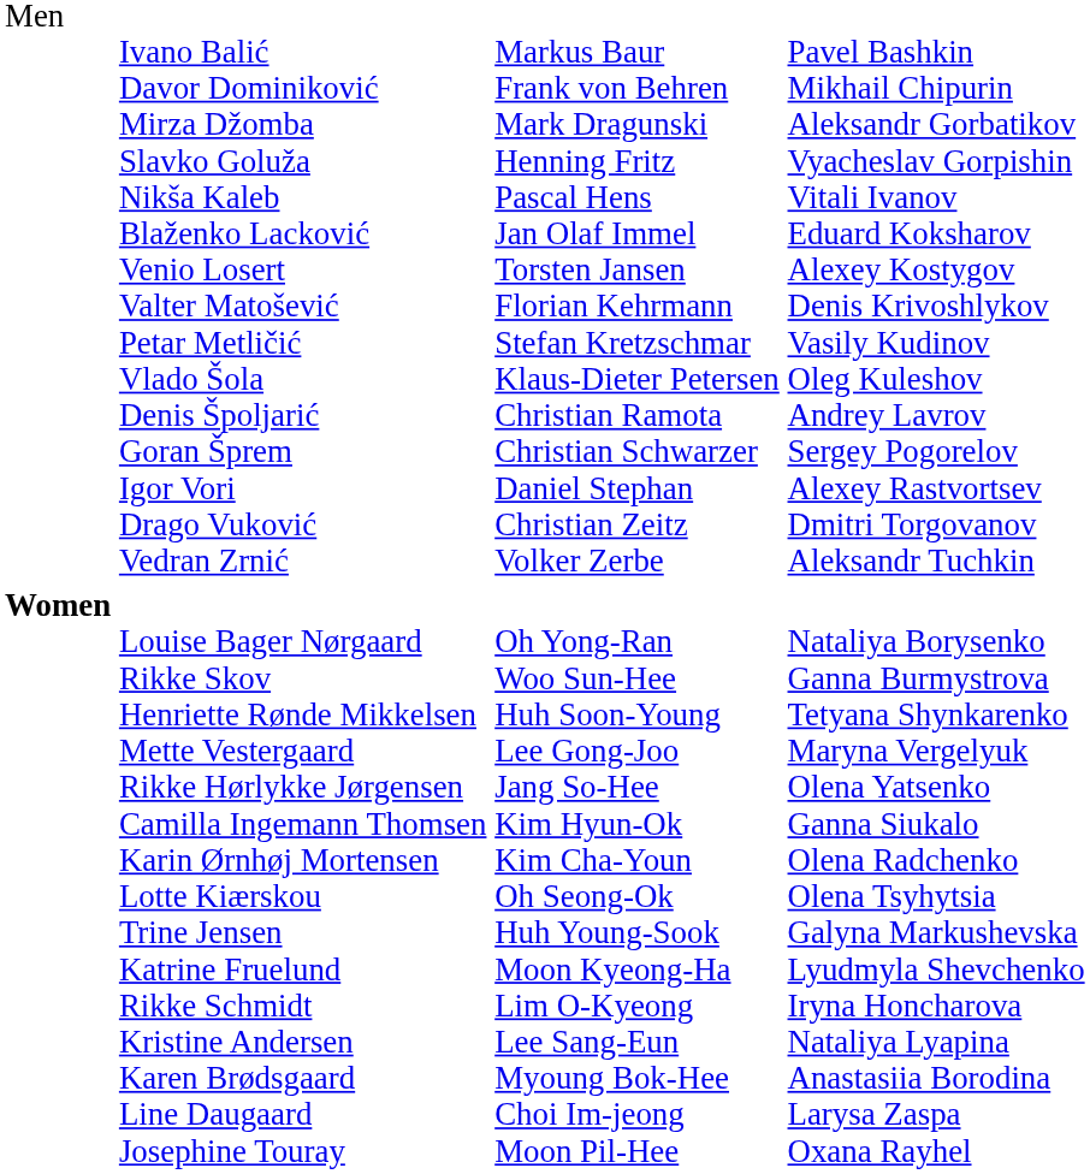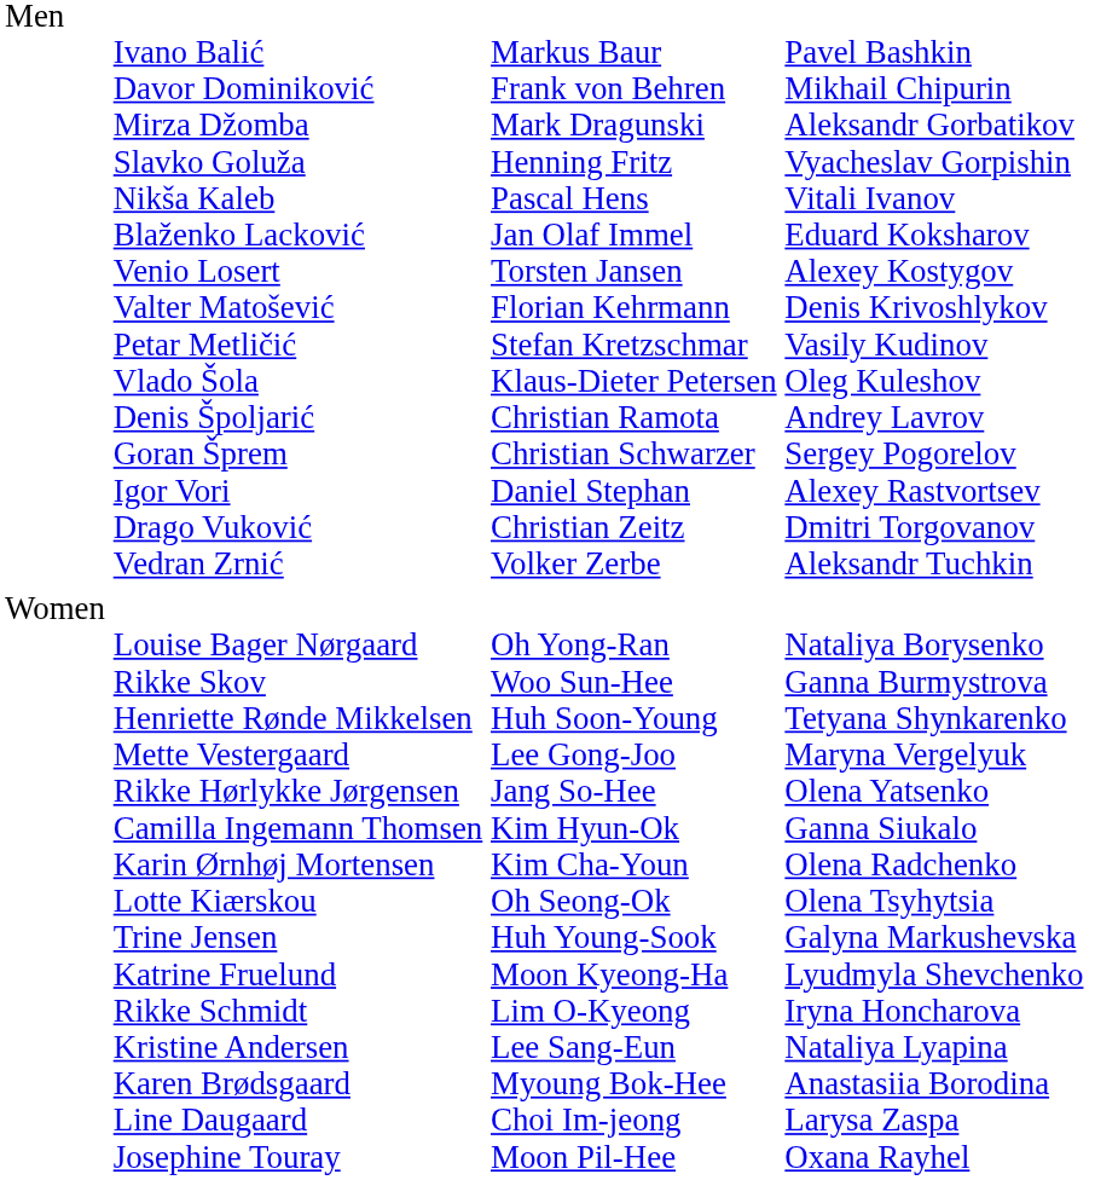 <table>
 <tr valign="top">
 <td>Men<br></td>
 <td><br><a href='#'>Ivano Balić</a><br><a href='#'>Davor Dominiković</a><br><a href='#'>Mirza Džomba</a><br><a href='#'>Slavko Goluža</a><br><a href='#'>Nikša Kaleb</a><br><a href='#'>Blaženko Lacković</a><br><a href='#'>Venio Losert</a><br><a href='#'>Valter Matošević</a><br><a href='#'>Petar Metličić</a><br><a href='#'>Vlado Šola</a><br><a href='#'>Denis Špoljarić</a><br><a href='#'>Goran Šprem</a><br><a href='#'>Igor Vori</a><br><a href='#'>Drago Vuković</a><br><a href='#'>Vedran Zrnić</a></td>
 <td><br><a href='#'>Markus Baur</a><br><a href='#'>Frank von Behren</a><br><a href='#'>Mark Dragunski</a><br><a href='#'>Henning Fritz</a><br><a href='#'>Pascal Hens</a><br><a href='#'>Jan Olaf Immel</a><br><a href='#'>Torsten Jansen</a><br><a href='#'>Florian Kehrmann</a><br><a href='#'>Stefan Kretzschmar</a><br><a href='#'>Klaus-Dieter Petersen</a><br><a href='#'>Christian Ramota</a><br><a href='#'>Christian Schwarzer</a><br><a href='#'>Daniel Stephan</a><br><a href='#'>Christian Zeitz</a><br><a href='#'>Volker Zerbe</a></td>
 <td><br><a href='#'>Pavel Bashkin</a><br><a href='#'>Mikhail Chipurin</a><br><a href='#'>Aleksandr Gorbatikov</a><br><a href='#'>Vyacheslav Gorpishin</a><br><a href='#'>Vitali Ivanov</a><br><a href='#'>Eduard Koksharov</a><br><a href='#'>Alexey Kostygov</a><br><a href='#'>Denis Krivoshlykov</a><br><a href='#'>Vasily Kudinov</a><br><a href='#'>Oleg Kuleshov</a><br><a href='#'>Andrey Lavrov</a><br><a href='#'>Sergey Pogorelov</a><br><a href='#'>Alexey Rastvortsev</a><br><a href='#'>Dmitri Torgovanov</a><br><a href='#'>Aleksandr Tuchkin</a></td>
 </tr>
 <tr valign="top">
-<td><strong>Women<br></strong></td>
+<td>Women<br></td>
 <td><br><a href='#'>Louise Bager Nørgaard</a><br><a href='#'>Rikke Skov</a><br><a href='#'>Henriette Rønde Mikkelsen</a><br><a href='#'>Mette Vestergaard</a><br><a href='#'>Rikke Hørlykke Jørgensen</a><br><a href='#'>Camilla Ingemann Thomsen</a><br><a href='#'>Karin Ørnhøj Mortensen</a><br><a href='#'>Lotte Kiærskou</a><br><a href='#'>Trine Jensen</a><br><a href='#'>Katrine Fruelund</a><br><a href='#'>Rikke Schmidt</a><br><a href='#'>Kristine Andersen</a><br><a href='#'>Karen Brødsgaard</a><br><a href='#'>Line Daugaard</a><br><a href='#'>Josephine Touray</a></td>
 <td><br><a href='#'>Oh Yong-Ran</a><br><a href='#'>Woo Sun-Hee</a><br><a href='#'>Huh Soon-Young</a><br><a href='#'>Lee Gong-Joo</a><br><a href='#'>Jang So-Hee</a><br><a href='#'>Kim Hyun-Ok</a><br><a href='#'>Kim Cha-Youn</a><br><a href='#'>Oh Seong-Ok</a><br><a href='#'>Huh Young-Sook</a><br><a href='#'>Moon Kyeong-Ha</a><br><a href='#'>Lim O-Kyeong</a><br><a href='#'>Lee Sang-Eun</a><br><a href='#'>Myoung Bok-Hee</a><br><a href='#'>Choi Im-jeong</a><br><a href='#'>Moon Pil-Hee</a></td>
 <td><br><a href='#'>Nataliya Borysenko</a><br><a href='#'>Ganna Burmystrova</a><br><a href='#'>Tetyana Shynkarenko</a><br><a href='#'>Maryna Vergelyuk</a><br><a href='#'>Olena Yatsenko</a><br><a href='#'>Ganna Siukalo</a><br><a href='#'>Olena Radchenko</a><br><a href='#'>Olena Tsyhytsia</a><br><a href='#'>Galyna Markushevska</a><br><a href='#'>Lyudmyla Shevchenko</a><br><a href='#'>Iryna Honcharova</a><br><a href='#'>Nataliya Lyapina</a><br><a href='#'>Anastasiia Borodina</a><br><a href='#'>Larysa Zaspa</a><br><a href='#'>Oxana Rayhel</a></td>
 </tr>
 </table>
